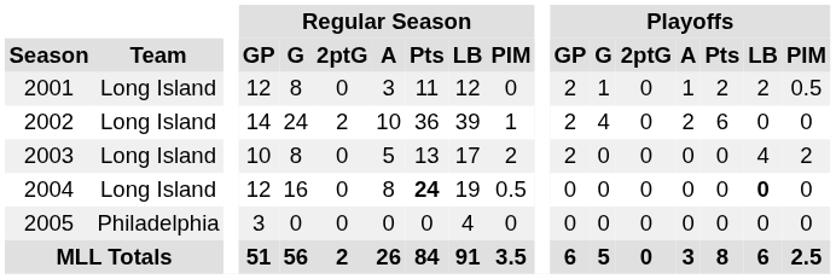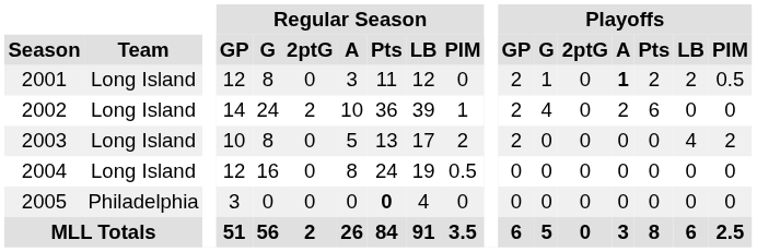 <table BORDER="0" CELLPADDING="3" CELLSPACING="0">
 <tr ALIGN="center" bgcolor="#e0e0e0">
 <th colspan="2" bgcolor="#ffffff"> </th>
 <th rowspan="99" bgcolor="#ffffff"> </th>
 <th colspan="7">Regular Season</th>
 <th rowspan="99" bgcolor="#ffffff"> </th>
 <th colspan="7">Playoffs</th>
 </tr>
 <tr ALIGN="center" bgcolor="#e0e0e0">
 <th>Season</th>
 <th>Team</th>
 <th>GP</th>
 <th>G</th>
 <th>2ptG</th>
 <th>A</th>
 <th>Pts</th>
 <th>LB</th>
 <th>PIM</th>
 <th>GP</th>
 <th>G</th>
 <th>2ptG</th>
 <th>A</th>
 <th>Pts</th>
 <th>LB</th>
 <th>PIM</th>
 </tr>
 <tr ALIGN="center" bgcolor="#f0f0f0">
 <td>2001</td>
 <td>Long Island</td>
 <td>12</td>
 <td>8</td>
 <td>0</td>
 <td>3</td>
 <td>11</td>
 <td>12</td>
 <td>0</td>
 <td>2</td>
 <td>1</td>
 <td>0</td>
-<td>1</td>
+<td><strong>1</strong></td>
 <td>2</td>
 <td>2</td>
 <td>0.5</td>
 </tr>
 <tr ALIGN="center">
 <td>2002</td>
 <td>Long Island</td>
 <td>14</td>
 <td>24</td>
 <td>2</td>
 <td>10</td>
 <td>36</td>
 <td>39</td>
 <td>1</td>
 <td>2</td>
 <td>4</td>
 <td>0</td>
 <td>2</td>
 <td>6</td>
 <td>0</td>
 <td>0</td>
 </tr>
 <tr ALIGN="center" bgcolor="#f0f0f0">
 <td>2003</td>
 <td>Long Island</td>
 <td>10</td>
 <td>8</td>
 <td>0</td>
 <td>5</td>
 <td>13</td>
 <td>17</td>
 <td>2</td>
 <td>2</td>
 <td>0</td>
 <td>0</td>
 <td>0</td>
 <td>0</td>
 <td>4</td>
 <td>2</td>
 </tr>
 <tr ALIGN="center">
 <td>2004</td>
 <td>Long Island</td>
 <td>12</td>
 <td>16</td>
 <td>0</td>
 <td>8</td>
-<td><strong>24</strong></td>
+<td>24</td>
 <td>19</td>
 <td>0.5</td>
 <td>0</td>
 <td>0</td>
 <td>0</td>
 <td>0</td>
 <td>0</td>
-<td><strong>0</strong></td>
+<td>0</td>
 <td>0</td>
 </tr>
 <tr ALIGN="center" bgcolor="#f0f0f0">
 <td>2005</td>
 <td>Philadelphia</td>
 <td>3</td>
 <td>0</td>
 <td>0</td>
 <td>0</td>
-<td>0</td>
+<td><strong>0</strong></td>
 <td>4</td>
 <td>0</td>
 <td>0</td>
 <td>0</td>
 <td>0</td>
 <td>0</td>
 <td>0</td>
 <td>0</td>
 <td>0</td>
 </tr>
 <tr ALIGN="center" bgcolor="#e0e0e0">
 <th colspan="2">MLL Totals</th>
 <th>51</th>
 <th>56</th>
 <th>2</th>
 <th>26</th>
 <th>84</th>
 <th>91</th>
 <th>3.5</th>
 <th>6</th>
 <th>5</th>
 <th>0</th>
 <th>3</th>
 <th>8</th>
 <th>6</th>
 <th>2.5</th>
 </tr>
 </table>
